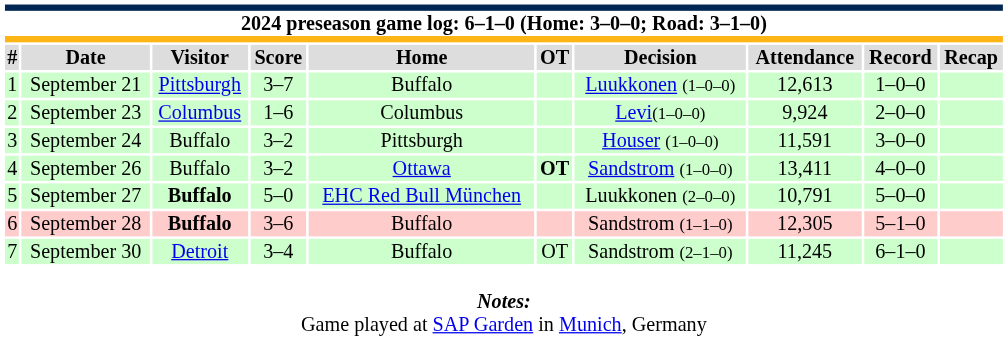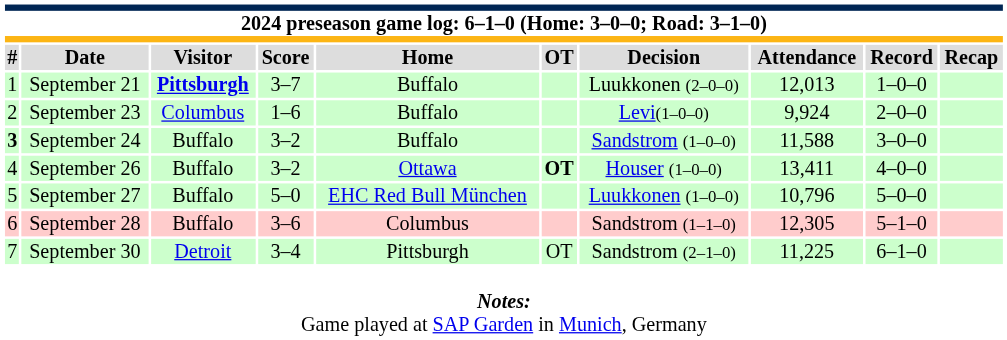 <table class="toccolours collapsible collapsed" style="width:90%; clear:both; margin:1.5em auto; text-align:center;">
 <tr>
 <th colspan="10" style="background:#FFFFFF; border-top:#002654 5px solid; border-bottom:#FCB514 5px solid;">2024 preseason game log: 6–1–0 (Home: 3–0–0; Road: 3–1–0)</th>
 </tr>
 <tr style="background:#ddd;">
 <th>#</th>
 <th>Date</th>
 <th>Visitor</th>
 <th>Score</th>
 <th>Home</th>
 <th>OT</th>
 <th>Decision</th>
 <th>Attendance</th>
 <th>Record</th>
 <th>Recap</th>
 </tr>
 <tr style="background:#cfc;">
 <td>1</td>
 <td>September 21</td>
-<td><a href='#'>Pittsburgh</a></td>
+<td><strong><a href='#'>Pittsburgh</a></strong></td>
 <td>3–7</td>
 <td>Buffalo</td>
 <td></td>
-<td><a href='#'>Luukkonen</a> <small>(1–0–0)</small></td>
-<td>12,613</td>
+<td>Luukkonen <small>(2–0–0)</small></td>
+<td>12,013</td>
 <td>1–0–0</td>
 <td></td>
 </tr>
 <tr style="background:#cfc;">
 <td>2</td>
 <td>September 23</td>
 <td><a href='#'>Columbus</a></td>
 <td>1–6</td>
-<td>Columbus</td>
+<td>Buffalo</td>
 <td></td>
 <td><a href='#'>Levi</a><small>(1–0–0)</small></td>
 <td>9,924</td>
 <td>2–0–0</td>
 <td></td>
 </tr>
 <tr style="background:#cfc;">
-<td>3</td>
+<td><strong>3</strong></td>
 <td>September 24</td>
 <td>Buffalo</td>
 <td>3–2</td>
-<td>Pittsburgh</td>
+<td>Buffalo</td>
 <td></td>
-<td><a href='#'>Houser</a> <small>(1–0–0)</small></td>
-<td>11,591</td>
+<td><a href='#'>Sandstrom</a> <small>(1–0–0)</small></td>
+<td>11,588</td>
 <td>3–0–0</td>
 <td></td>
 </tr>
 <tr style="background:#cfc;">
 <td>4</td>
 <td>September 26</td>
 <td>Buffalo</td>
 <td>3–2</td>
 <td><a href='#'>Ottawa</a></td>
 <td><strong>OT</strong></td>
-<td><a href='#'>Sandstrom</a> <small>(1–0–0)</small></td>
+<td><a href='#'>Houser</a> <small>(1–0–0)</small></td>
 <td>13,411</td>
 <td>4–0–0</td>
 <td></td>
 </tr>
 <tr style="background:#cfc;">
 <td>5</td>
 <td>September 27</td>
-<td><strong>Buffalo</strong></td>
+<td>Buffalo</td>
 <td>5–0</td>
 <td><a href='#'>EHC Red Bull München</a></td>
 <td></td>
-<td>Luukkonen <small>(2–0–0)</small></td>
-<td>10,791</td>
+<td><a href='#'>Luukkonen</a> <small>(1–0–0)</small></td>
+<td>10,796</td>
 <td>5–0–0</td>
 <td></td>
 </tr>
 <tr style="background:#fcc;">
 <td>6</td>
 <td>September 28</td>
-<td><strong>Buffalo</strong></td>
+<td>Buffalo</td>
 <td>3–6</td>
-<td>Buffalo</td>
+<td>Columbus</td>
 <td></td>
 <td>Sandstrom <small>(1–1–0)</small></td>
 <td>12,305</td>
 <td>5–1–0</td>
 <td></td>
 </tr>
 <tr style="background:#cfc;">
 <td>7</td>
 <td>September 30</td>
 <td><a href='#'>Detroit</a></td>
 <td>3–4</td>
-<td>Buffalo</td>
+<td>Pittsburgh</td>
 <td>OT</td>
 <td>Sandstrom <small>(2–1–0)</small></td>
-<td>11,245</td>
+<td>11,225</td>
 <td>6–1–0</td>
 <td></td>
 </tr>
 <tr>
 <td colspan="10" style="text-align:center;"><br><strong><em>Notes:</em></strong><br>  Game played at <a href='#'>SAP Garden</a> in <a href='#'>Munich</a>, Germany</td>
 </tr>
 </table>
